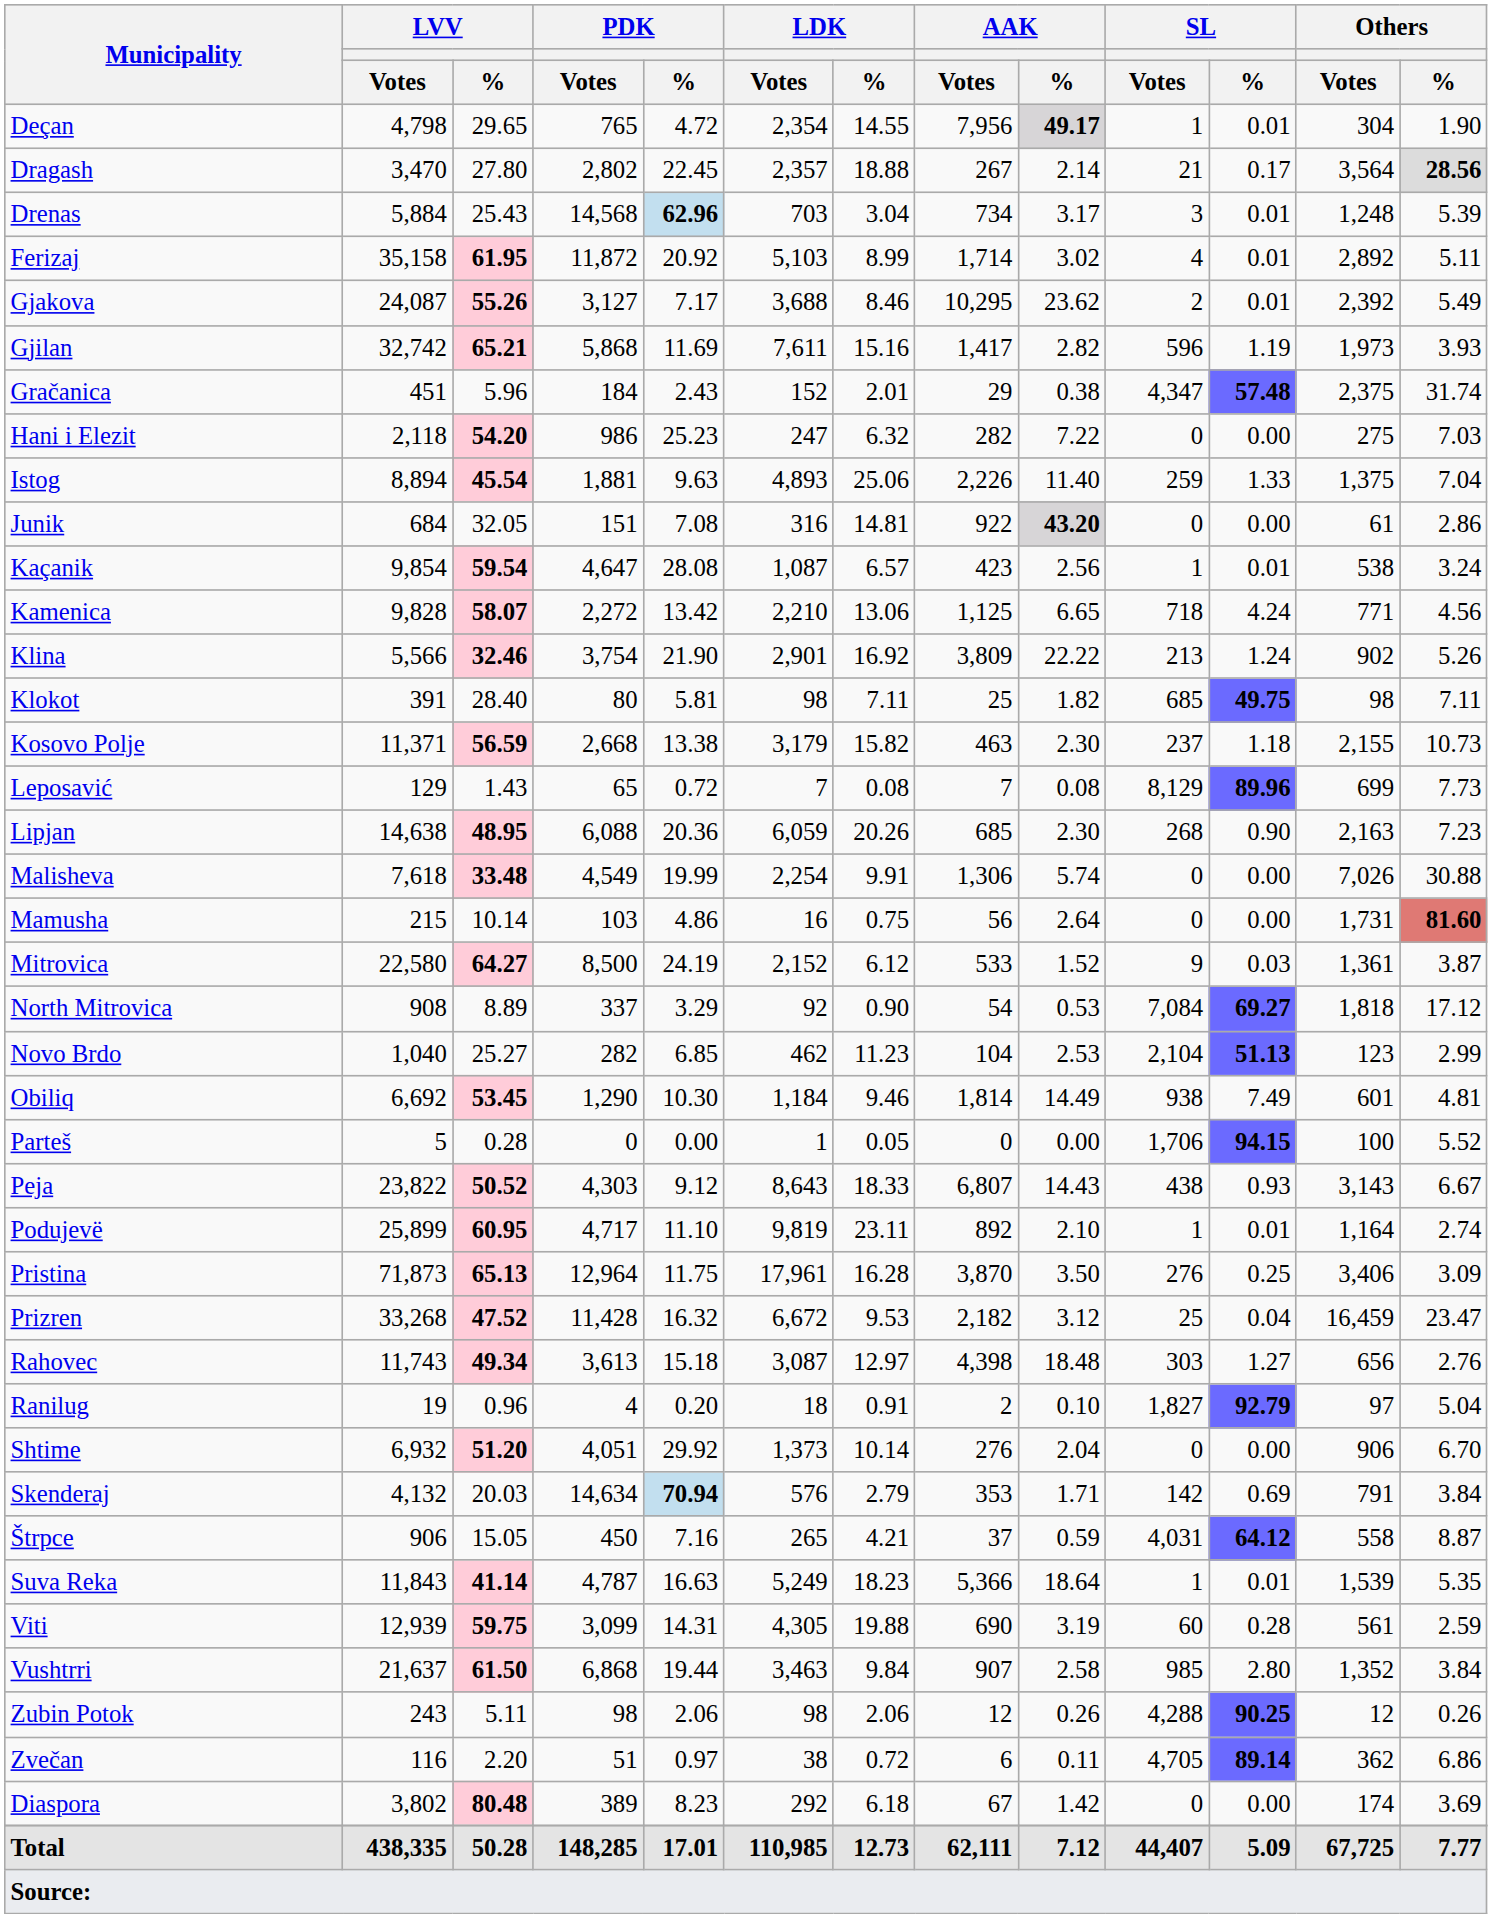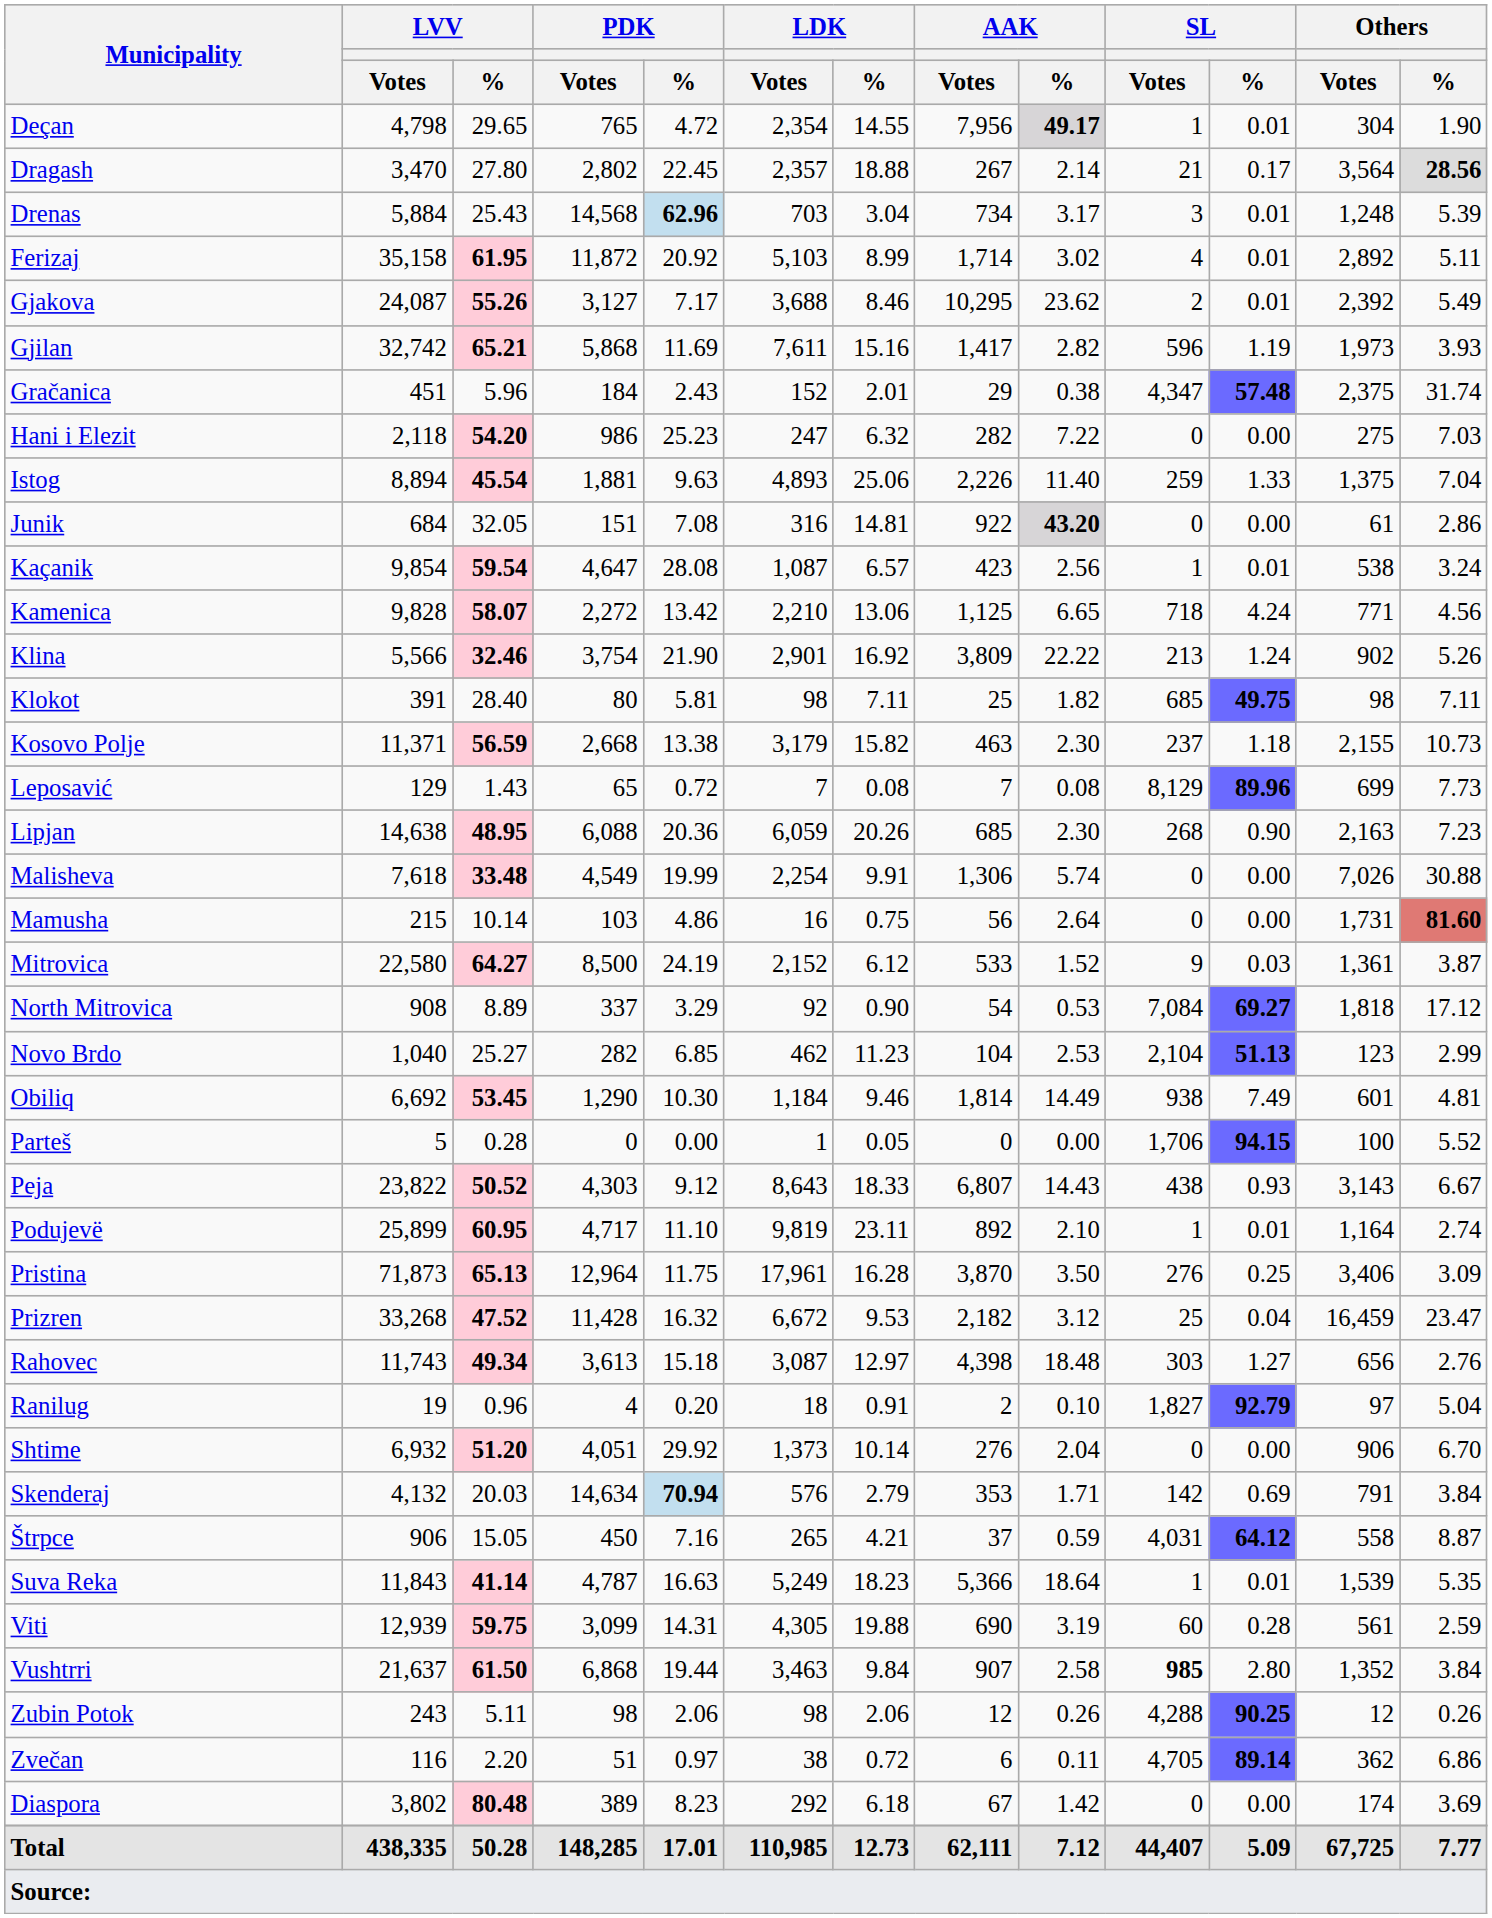 <table class="wikitable sortable collapsible mw-datatable" style="text-align:right; font-size:95%; line-height:20px">
 <tr>
 <th width="200" rowspan="3"><a href='#'>Municipality</a></th>
 <th width="110" colspan="2"><a href='#'>LVV</a></th>
 <th width="110" colspan="2"><a href='#'>PDK</a></th>
 <th width="110" colspan="2"><a href='#'>LDK</a></th>
 <th width="110" colspan="2"><a href='#'>AAK</a></th>
 <th width="110" colspan="2"><a href='#'>SL</a></th>
 <th width="110" colspan="2">Others</th>
 </tr>
 <tr>
 <th colspan="2" style="background:"></th>
 <th colspan="2" style="background:"></th>
 <th colspan="2" style="background:"></th>
 <th colspan="2" style="background:"></th>
 <th colspan="2" style="background:"></th>
 <th colspan="2" style="background:"></th>
 </tr>
 <tr>
 <th>Votes</th>
 <th>%</th>
 <th>Votes</th>
 <th>%</th>
 <th>Votes</th>
 <th>%</th>
 <th>Votes</th>
 <th>%</th>
 <th>Votes</th>
 <th>%</th>
 <th>Votes</th>
 <th>%</th>
 </tr>
 <tr>
 <td align="left"><a href='#'>Deçan</a></td>
 <td>4,798</td>
 <td>29.65</td>
 <td>765</td>
 <td>4.72</td>
 <td>2,354</td>
 <td>14.55</td>
 <td>7,956</td>
 <td style="background:#D7D5D7"><strong>49.17</strong></td>
 <td>1</td>
 <td>0.01</td>
 <td>304</td>
 <td>1.90</td>
 </tr>
 <tr>
 <td align="left"><a href='#'>Dragash</a></td>
 <td>3,470</td>
 <td>27.80</td>
 <td>2,802</td>
 <td>22.45</td>
 <td>2,357</td>
 <td>18.88</td>
 <td>267</td>
 <td>2.14</td>
 <td>21</td>
 <td>0.17</td>
 <td>3,564</td>
 <td style="background:#DCDCDC"><strong>28.56</strong></td>
 </tr>
 <tr>
 <td align="left"><a href='#'>Drenas</a></td>
 <td>5,884</td>
 <td>25.43</td>
 <td>14,568</td>
 <td style="background:#C2DFEF"><strong>62.96</strong></td>
 <td>703</td>
 <td>3.04</td>
 <td>734</td>
 <td>3.17</td>
 <td>3</td>
 <td>0.01</td>
 <td>1,248</td>
 <td>5.39</td>
 </tr>
 <tr>
 <td align="left"><a href='#'>Ferizaj</a></td>
 <td>35,158</td>
 <td style="background:#FFCCD9"><strong>61.95</strong></td>
 <td>11,872</td>
 <td>20.92</td>
 <td>5,103</td>
 <td>8.99</td>
 <td>1,714</td>
 <td>3.02</td>
 <td>4</td>
 <td>0.01</td>
 <td>2,892</td>
 <td>5.11</td>
 </tr>
 <tr>
 <td align="left"><a href='#'>Gjakova</a></td>
 <td>24,087</td>
 <td style="background:#FFCCD9"><strong>55.26</strong></td>
 <td>3,127</td>
 <td>7.17</td>
 <td>3,688</td>
 <td>8.46</td>
 <td>10,295</td>
 <td>23.62</td>
 <td>2</td>
 <td>0.01</td>
 <td>2,392</td>
 <td>5.49</td>
 </tr>
 <tr>
 <td align="left"><a href='#'>Gjilan</a></td>
 <td>32,742</td>
 <td style="background:#FFCCD9"><strong>65.21</strong></td>
 <td>5,868</td>
 <td>11.69</td>
 <td>7,611</td>
 <td>15.16</td>
 <td>1,417</td>
 <td>2.82</td>
 <td>596</td>
 <td>1.19</td>
 <td>1,973</td>
 <td>3.93</td>
 </tr>
 <tr>
 <td align="left"><a href='#'>Gračanica</a></td>
 <td>451</td>
 <td>5.96</td>
 <td>184</td>
 <td>2.43</td>
 <td>152</td>
 <td>2.01</td>
 <td>29</td>
 <td>0.38</td>
 <td>4,347</td>
 <td style="background:#6B6AFF"><strong>57.48</strong></td>
 <td>2,375</td>
 <td>31.74</td>
 </tr>
 <tr>
 <td align="left"><a href='#'>Hani i Elezit</a></td>
 <td>2,118</td>
 <td style="background:#FFCCD9"><strong>54.20</strong></td>
 <td>986</td>
 <td>25.23</td>
 <td>247</td>
 <td>6.32</td>
 <td>282</td>
 <td>7.22</td>
 <td>0</td>
 <td>0.00</td>
 <td>275</td>
 <td>7.03</td>
 </tr>
 <tr>
 <td align="left"><a href='#'>Istog</a></td>
 <td>8,894</td>
 <td style="background:#FFCCD9"><strong>45.54</strong></td>
 <td>1,881</td>
 <td>9.63</td>
 <td>4,893</td>
 <td>25.06</td>
 <td>2,226</td>
 <td>11.40</td>
 <td>259</td>
 <td>1.33</td>
 <td>1,375</td>
 <td>7.04</td>
 </tr>
 <tr>
 <td align="left"><a href='#'>Junik</a></td>
 <td>684</td>
 <td>32.05</td>
 <td>151</td>
 <td>7.08</td>
 <td>316</td>
 <td>14.81</td>
 <td>922</td>
 <td style="background:#D7D5D7"><strong>43.20</strong></td>
 <td>0</td>
 <td>0.00</td>
 <td>61</td>
 <td>2.86</td>
 </tr>
 <tr>
 <td align="left"><a href='#'>Kaçanik</a></td>
 <td>9,854</td>
 <td style="background:#FFCCD9"><strong>59.54</strong></td>
 <td>4,647</td>
 <td>28.08</td>
 <td>1,087</td>
 <td>6.57</td>
 <td>423</td>
 <td>2.56</td>
 <td>1</td>
 <td>0.01</td>
 <td>538</td>
 <td>3.24</td>
 </tr>
 <tr>
 <td align="left"><a href='#'>Kamenica</a></td>
 <td>9,828</td>
 <td style="background:#FFCCD9"><strong>58.07</strong></td>
 <td>2,272</td>
 <td>13.42</td>
 <td>2,210</td>
 <td>13.06</td>
 <td>1,125</td>
 <td>6.65</td>
 <td>718</td>
 <td>4.24</td>
 <td>771</td>
 <td>4.56</td>
 </tr>
 <tr>
 <td align="left"><a href='#'>Klina</a></td>
 <td>5,566</td>
 <td style="background:#FFCCD9"><strong>32.46</strong></td>
 <td>3,754</td>
 <td>21.90</td>
 <td>2,901</td>
 <td>16.92</td>
 <td>3,809</td>
 <td>22.22</td>
 <td>213</td>
 <td>1.24</td>
 <td>902</td>
 <td>5.26</td>
 </tr>
 <tr>
 <td align="left"><a href='#'>Klokot</a></td>
 <td>391</td>
 <td>28.40</td>
 <td>80</td>
 <td>5.81</td>
 <td>98</td>
 <td>7.11</td>
 <td>25</td>
 <td>1.82</td>
 <td>685</td>
 <td style="background:#6B6AFF"><strong>49.75</strong></td>
 <td>98</td>
 <td>7.11</td>
 </tr>
 <tr>
 <td align="left"><a href='#'>Kosovo Polje</a></td>
 <td>11,371</td>
 <td style="background:#FFCCD9"><strong>56.59</strong></td>
 <td>2,668</td>
 <td>13.38</td>
 <td>3,179</td>
 <td>15.82</td>
 <td>463</td>
 <td>2.30</td>
 <td>237</td>
 <td>1.18</td>
 <td>2,155</td>
 <td>10.73</td>
 </tr>
 <tr>
 <td align="left"><a href='#'>Leposavić</a></td>
 <td>129</td>
 <td>1.43</td>
 <td>65</td>
 <td>0.72</td>
 <td>7</td>
 <td>0.08</td>
 <td>7</td>
 <td>0.08</td>
 <td>8,129</td>
 <td style="background:#6B6AFF"><strong>89.96</strong></td>
 <td>699</td>
 <td>7.73</td>
 </tr>
 <tr>
 <td align="left"><a href='#'>Lipjan</a></td>
 <td>14,638</td>
 <td style="background:#FFCCD9"><strong>48.95</strong></td>
 <td>6,088</td>
 <td>20.36</td>
 <td>6,059</td>
 <td>20.26</td>
 <td>685</td>
 <td>2.30</td>
 <td>268</td>
 <td>0.90</td>
 <td>2,163</td>
 <td>7.23</td>
 </tr>
 <tr>
 <td align="left"><a href='#'>Malisheva</a></td>
 <td>7,618</td>
 <td style="background:#FFCCD9"><strong>33.48</strong></td>
 <td>4,549</td>
 <td>19.99</td>
 <td>2,254</td>
 <td>9.91</td>
 <td>1,306</td>
 <td>5.74</td>
 <td>0</td>
 <td>0.00</td>
 <td>7,026</td>
 <td>30.88</td>
 </tr>
 <tr>
 <td align="left"><a href='#'>Mamusha</a></td>
 <td>215</td>
 <td>10.14</td>
 <td>103</td>
 <td>4.86</td>
 <td>16</td>
 <td>0.75</td>
 <td>56</td>
 <td>2.64</td>
 <td>0</td>
 <td>0.00</td>
 <td>1,731</td>
 <td style="background:#DF7974"><strong>81.60</strong></td>
 </tr>
 <tr>
 <td align="left"><a href='#'>Mitrovica</a></td>
 <td>22,580</td>
 <td style="background:#FFCCD9"><strong>64.27</strong></td>
 <td>8,500</td>
 <td>24.19</td>
 <td>2,152</td>
 <td>6.12</td>
 <td>533</td>
 <td>1.52</td>
 <td>9</td>
 <td>0.03</td>
 <td>1,361</td>
 <td>3.87</td>
 </tr>
 <tr>
 <td align="left"><a href='#'>North Mitrovica</a></td>
 <td>908</td>
 <td>8.89</td>
 <td>337</td>
 <td>3.29</td>
 <td>92</td>
 <td>0.90</td>
 <td>54</td>
 <td>0.53</td>
 <td>7,084</td>
 <td style="background:#6B6AFF"><strong>69.27</strong></td>
 <td>1,818</td>
 <td>17.12</td>
 </tr>
 <tr>
 <td align="left"><a href='#'>Novo Brdo</a></td>
 <td>1,040</td>
 <td>25.27</td>
 <td>282</td>
 <td>6.85</td>
 <td>462</td>
 <td>11.23</td>
 <td>104</td>
 <td>2.53</td>
 <td>2,104</td>
 <td style="background:#6B6AFF"><strong>51.13</strong></td>
 <td>123</td>
 <td>2.99</td>
 </tr>
 <tr>
 <td align="left"><a href='#'>Obiliq</a></td>
 <td>6,692</td>
 <td style="background:#FFCCD9"><strong>53.45</strong></td>
 <td>1,290</td>
 <td>10.30</td>
 <td>1,184</td>
 <td>9.46</td>
 <td>1,814</td>
 <td>14.49</td>
 <td>938</td>
 <td>7.49</td>
 <td>601</td>
 <td>4.81</td>
 </tr>
 <tr>
 <td align="left"><a href='#'>Parteš</a></td>
 <td>5</td>
 <td>0.28</td>
 <td>0</td>
 <td>0.00</td>
 <td>1</td>
 <td>0.05</td>
 <td>0</td>
 <td>0.00</td>
 <td>1,706</td>
 <td style="background:#6B6AFF"><strong>94.15</strong></td>
 <td>100</td>
 <td>5.52</td>
 </tr>
 <tr>
 <td align="left"><a href='#'>Peja</a></td>
 <td>23,822</td>
 <td style="background:#FFCCD9"><strong>50.52</strong></td>
 <td>4,303</td>
 <td>9.12</td>
 <td>8,643</td>
 <td>18.33</td>
 <td>6,807</td>
 <td>14.43</td>
 <td>438</td>
 <td>0.93</td>
 <td>3,143</td>
 <td>6.67</td>
 </tr>
 <tr>
 <td align="left"><a href='#'>Podujevë</a></td>
 <td>25,899</td>
 <td style="background:#FFCCD9"><strong>60.95</strong></td>
 <td>4,717</td>
 <td>11.10</td>
 <td>9,819</td>
 <td>23.11</td>
 <td>892</td>
 <td>2.10</td>
 <td>1</td>
 <td>0.01</td>
 <td>1,164</td>
 <td>2.74</td>
 </tr>
 <tr>
 <td align="left"><a href='#'>Pristina</a></td>
 <td>71,873</td>
 <td style="background:#FFCCD9"><strong>65.13</strong></td>
 <td>12,964</td>
 <td>11.75</td>
 <td>17,961</td>
 <td>16.28</td>
 <td>3,870</td>
 <td>3.50</td>
 <td>276</td>
 <td>0.25</td>
 <td>3,406</td>
 <td>3.09</td>
 </tr>
 <tr>
 <td align="left"><a href='#'>Prizren</a></td>
 <td>33,268</td>
 <td style="background:#FFCCD9"><strong>47.52</strong></td>
 <td>11,428</td>
 <td>16.32</td>
 <td>6,672</td>
 <td>9.53</td>
 <td>2,182</td>
 <td>3.12</td>
 <td>25</td>
 <td>0.04</td>
 <td>16,459</td>
 <td>23.47</td>
 </tr>
 <tr>
 <td align="left"><a href='#'>Rahovec</a></td>
 <td>11,743</td>
 <td style="background:#FFCCD9"><strong>49.34</strong></td>
 <td>3,613</td>
 <td>15.18</td>
 <td>3,087</td>
 <td>12.97</td>
 <td>4,398</td>
 <td>18.48</td>
 <td>303</td>
 <td>1.27</td>
 <td>656</td>
 <td>2.76</td>
 </tr>
 <tr>
 <td align="left"><a href='#'>Ranilug</a></td>
 <td>19</td>
 <td>0.96</td>
 <td>4</td>
 <td>0.20</td>
 <td>18</td>
 <td>0.91</td>
 <td>2</td>
 <td>0.10</td>
 <td>1,827</td>
 <td style="background:#6B6AFF"><strong>92.79</strong></td>
 <td>97</td>
 <td>5.04</td>
 </tr>
 <tr>
 <td align="left"><a href='#'>Shtime</a></td>
 <td>6,932</td>
 <td style="background:#FFCCD9"><strong>51.20</strong></td>
 <td>4,051</td>
 <td>29.92</td>
 <td>1,373</td>
 <td>10.14</td>
 <td>276</td>
 <td>2.04</td>
 <td>0</td>
 <td>0.00</td>
 <td>906</td>
 <td>6.70</td>
 </tr>
 <tr>
 <td align="left"><a href='#'>Skenderaj</a></td>
 <td>4,132</td>
 <td>20.03</td>
 <td>14,634</td>
 <td style="background:#C2DFEF"><strong>70.94</strong></td>
 <td>576</td>
 <td>2.79</td>
 <td>353</td>
 <td>1.71</td>
 <td>142</td>
 <td>0.69</td>
 <td>791</td>
 <td>3.84</td>
 </tr>
 <tr>
 <td align="left"><a href='#'>Štrpce</a></td>
 <td>906</td>
 <td>15.05</td>
 <td>450</td>
 <td>7.16</td>
 <td>265</td>
 <td>4.21</td>
 <td>37</td>
 <td>0.59</td>
 <td>4,031</td>
 <td style="background:#6B6AFF"><strong>64.12</strong></td>
 <td>558</td>
 <td>8.87</td>
 </tr>
 <tr>
 <td align="left"><a href='#'>Suva Reka</a></td>
 <td>11,843</td>
 <td style="background:#FFCCD9"><strong>41.14</strong></td>
 <td>4,787</td>
 <td>16.63</td>
 <td>5,249</td>
 <td>18.23</td>
 <td>5,366</td>
 <td>18.64</td>
 <td>1</td>
 <td>0.01</td>
 <td>1,539</td>
 <td>5.35</td>
 </tr>
 <tr>
 <td align="left"><a href='#'>Viti</a></td>
 <td>12,939</td>
 <td style="background:#FFCCD9"><strong>59.75</strong></td>
 <td>3,099</td>
 <td>14.31</td>
 <td>4,305</td>
 <td>19.88</td>
 <td>690</td>
 <td>3.19</td>
 <td>60</td>
 <td>0.28</td>
 <td>561</td>
 <td>2.59</td>
 </tr>
 <tr>
 <td align="left"><a href='#'>Vushtrri</a></td>
 <td>21,637</td>
 <td style="background:#FFCCD9"><strong>61.50</strong></td>
 <td>6,868</td>
 <td>19.44</td>
 <td>3,463</td>
 <td>9.84</td>
 <td>907</td>
 <td>2.58</td>
-<td>985</td>
+<td><strong>985</strong></td>
 <td>2.80</td>
 <td>1,352</td>
 <td>3.84</td>
 </tr>
 <tr>
 <td align="left"><a href='#'>Zubin Potok</a></td>
 <td>243</td>
 <td>5.11</td>
 <td>98</td>
 <td>2.06</td>
 <td>98</td>
 <td>2.06</td>
 <td>12</td>
 <td>0.26</td>
 <td>4,288</td>
 <td style="background:#6B6AFF"><strong>90.25</strong></td>
 <td>12</td>
 <td>0.26</td>
 </tr>
 <tr>
 <td align="left"><a href='#'>Zvečan</a></td>
 <td>116</td>
 <td>2.20</td>
 <td>51</td>
 <td>0.97</td>
 <td>38</td>
 <td>0.72</td>
 <td>6</td>
 <td>0.11</td>
 <td>4,705</td>
 <td style="background:#6B6AFF"><strong>89.14</strong></td>
 <td>362</td>
 <td>6.86</td>
 </tr>
 <tr>
 <td align="left"><a href='#'>Diaspora</a></td>
 <td>3,802</td>
 <td style="background:#FFCCD9"><strong>80.48</strong></td>
 <td>389</td>
 <td>8.23</td>
 <td>292</td>
 <td>6.18</td>
 <td>67</td>
 <td>1.42</td>
 <td>0</td>
 <td>0.00</td>
 <td>174</td>
 <td>3.69</td>
 </tr>
 <tr>
 </tr>
 <tr class="sortbottom" style="font-weight:bold; background:#E4E4E4;">
 <td align="left">Total</td>
 <td>438,335</td>
 <td>50.28</td>
 <td>148,285</td>
 <td>17.01</td>
 <td>110,985</td>
 <td>12.73</td>
 <td>62,111</td>
 <td>7.12</td>
 <td>44,407</td>
 <td>5.09</td>
 <td>67,725</td>
 <td>7.77</td>
 </tr>
 <tr class="sortbottom">
 <td colspan="13" style="text-align:left; background-color:#eaecf0"><strong>Source: </strong></td>
 </tr>
 </table>
